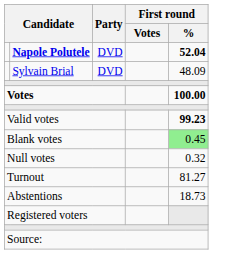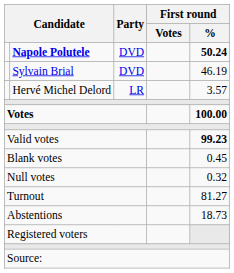 <table class="wikitable" style="text-align:right;font-size:95%;">
 <tr>
 <th rowspan="2" colspan="2">Candidate</th>
 <th rowspan="2">Party</th>
 <th colspan="2">First round</th>
 </tr>
 <tr>
 <th style="width:50px;">Votes</th>
 <th style="width:45px;">%</th>
 </tr>
 <tr>
 <td style="background:"></td>
 <td style="text-align:left;"><strong><a href='#'>Napole Polutele</a></strong></td>
 <td><a href='#'>DVD</a></td>
 <td><strong></strong></td>
-<td><strong>52.04</strong></td>
+<td><strong>50.24</strong></td>
 </tr>
 <tr>
 <td style="background:"></td>
 <td style="text-align:left;"><a href='#'>Sylvain Brial</a></td>
 <td><a href='#'>DVD</a></td>
 <td></td>
-<td>48.09</td>
+<td>46.19</td>
+</tr>
+<tr>
+<td style="background:"></td>
+<td style="text-align:left;">Hervé Michel Delord</td>
+<td><a href='#'>LR</a></td>
+<td></td>
+<td>3.57</td>
 </tr>
 <tr>
 <td colspan="5" style="background:#E9E9E9;"></td>
 </tr>
 <tr style="font-weight:bold;">
 <td colspan="3" style="text-align:left;">Votes</td>
 <td></td>
 <td>100.00</td>
 </tr>
 <tr>
 <td colspan="5" style="background:#E9E9E9;"></td>
 </tr>
 <tr>
 <td colspan="3" style="text-align:left;">Valid votes</td>
 <td></td>
 <td><strong>99.23</strong></td>
 </tr>
 <tr>
 <td colspan="3" style="text-align:left;">Blank votes</td>
 <td></td>
-<td style="background: lightgreen;">0.45</td>
+<td>0.45</td>
 </tr>
 <tr>
 <td colspan="3" style="text-align:left;">Null votes</td>
 <td></td>
 <td>0.32</td>
 </tr>
 <tr>
 <td colspan="3" style="text-align:left;">Turnout</td>
 <td></td>
 <td>81.27</td>
 </tr>
 <tr>
 <td colspan="3" style="text-align:left;">Abstentions</td>
 <td></td>
 <td>18.73</td>
 </tr>
 <tr>
 <td colspan="3" style="text-align:left;">Registered voters</td>
 <td></td>
 <td style="background:#E9E9E9;"></td>
 </tr>
 <tr>
 <td colspan="5" style="background:#E9E9E9;"></td>
 </tr>
 <tr>
 <td colspan="5" style="text-align:left;">Source: </td>
 </tr>
 </table>
